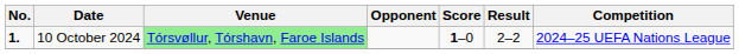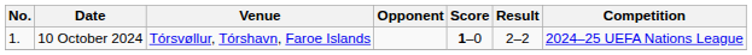 <table class="wikitable">
 <tr>
 <th>No.</th>
 <th>Date</th>
 <th>Venue</th>
 <th>Opponent</th>
 <th>Score</th>
 <th>Result</th>
 <th>Competition</th>
 </tr>
 <tr>
-<td><strong>1.</strong></td>
+<td>1.</td>
 <td>10 October 2024</td>
-<td style="background: lightgreen;"><a href='#'>Tórsvøllur</a>, <a href='#'>Tórshavn</a>, <a href='#'>Faroe Islands</a></td>
+<td><a href='#'>Tórsvøllur</a>, <a href='#'>Tórshavn</a>, <a href='#'>Faroe Islands</a></td>
 <td></td>
 <td align=center><strong>1</strong>–0</td>
 <td align=center>2–2</td>
 <td><a href='#'>2024–25 UEFA Nations League</a></td>
 </tr>
 <tr>
 </tr>
 </table>
